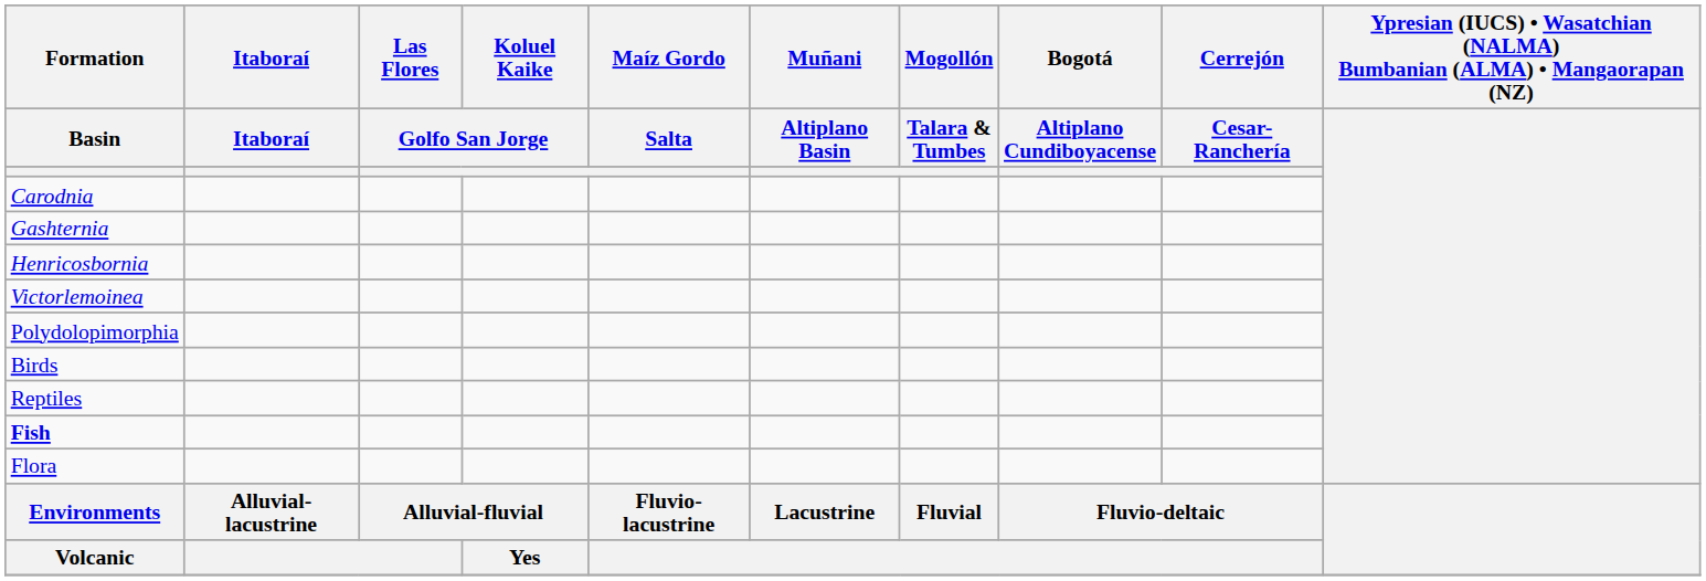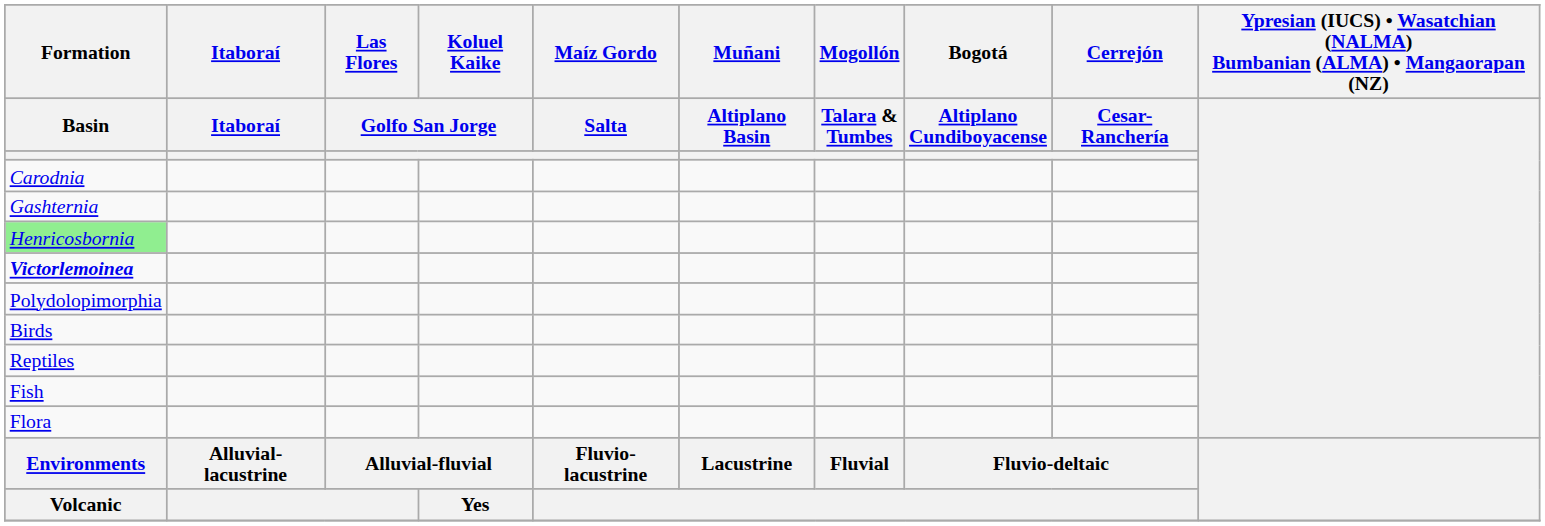 <table class="wikitable" style="font-size: 70%">
 <tr>
 <th>Formation</th>
 <th><a href='#'>Itaboraí</a></th>
 <th><a href='#'>Las Flores</a></th>
 <th><a href='#'>Koluel Kaike</a></th>
 <th><a href='#'>Maíz Gordo</a></th>
 <th><a href='#'>Muñani</a></th>
 <th><a href='#'>Mogollón</a></th>
 <th>Bogotá</th>
 <th><a href='#'>Cerrejón</a></th>
 <th><a href='#'>Ypresian</a> (IUCS) • <a href='#'>Wasatchian</a> (<a href='#'>NALMA</a>)<br><a href='#'>Bumbanian</a> (<a href='#'>ALMA</a>) • <a href='#'>Mangaorapan</a> (NZ)</th>
 </tr>
 <tr>
 <th>Basin</th>
 <th><a href='#'>Itaboraí</a></th>
 <th colspan=2><a href='#'>Golfo San Jorge</a></th>
 <th><a href='#'>Salta</a></th>
 <th><a href='#'>Altiplano Basin</a></th>
 <th><a href='#'>Talara</a> &<br><a href='#'>Tumbes</a></th>
 <th><a href='#'>Altiplano<br>Cundiboyacense</a></th>
 <th><a href='#'>Cesar-Ranchería</a></th>
 <th align=center rowspan=11></th>
 </tr>
 <tr>
 <th></th>
 <th></th>
 <th colspan=3></th>
 <th colspan=2></th>
 <th colspan=2></th>
 </tr>
 <tr>
 <td><em><a href='#'>Carodnia</a></em></td>
 <td align=center></td>
 <td align=center></td>
 <td align=center></td>
 <td align=center></td>
 <td align=center></td>
 <td align=center></td>
 <td align=center></td>
 <td align=center></td>
 </tr>
 <tr>
 <td><em><a href='#'>Gashternia</a></em></td>
 <td align=center></td>
 <td align=center></td>
 <td align=center></td>
 <td align=center></td>
 <td align=center></td>
 <td align=center></td>
 <td align=center></td>
 <td align=center></td>
 </tr>
 <tr>
-<td><em><a href='#'>Henricosbornia</a></em></td>
+<td style="background: lightgreen;"><em><a href='#'>Henricosbornia</a></em></td>
 <td align=center></td>
 <td align=center></td>
 <td align=center></td>
 <td align=center></td>
 <td align=center></td>
 <td align=center></td>
 <td align=center></td>
 <td align=center></td>
 </tr>
 <tr>
-<td><em><a href='#'>Victorlemoinea</a></em></td>
+<td><strong><em><a href='#'>Victorlemoinea</a></em></strong></td>
 <td align=center></td>
 <td align=center></td>
 <td align=center></td>
 <td align=center></td>
 <td align=center></td>
 <td align=center></td>
 <td align=center></td>
 <td align=center></td>
 </tr>
 <tr>
 <td><a href='#'>Polydolopimorphia</a></td>
 <td align=center></td>
 <td align=center></td>
 <td align=center></td>
 <td align=center></td>
 <td align=center></td>
 <td align=center></td>
 <td align=center></td>
 <td align=center></td>
 </tr>
 <tr>
 <td><a href='#'>Birds</a></td>
 <td align=center></td>
 <td align=center></td>
 <td align=center></td>
 <td align=center></td>
 <td align=center></td>
 <td align=center></td>
 <td align=center></td>
 <td align=center></td>
 </tr>
 <tr>
 <td><a href='#'>Reptiles</a></td>
 <td align=center></td>
 <td align=center></td>
 <td align=center></td>
 <td align=center></td>
 <td align=center></td>
 <td align=center></td>
 <td align=center></td>
 <td align=center></td>
 </tr>
 <tr>
-<td><strong><a href='#'>Fish</a></strong></td>
+<td><a href='#'>Fish</a></td>
 <td align=center></td>
 <td align=center></td>
 <td align=center></td>
 <td align=center></td>
 <td align=center></td>
 <td align=center></td>
 <td align=center></td>
 <td align=center></td>
 </tr>
 <tr>
 <td><a href='#'>Flora</a></td>
 <td align=center></td>
 <td align=center></td>
 <td align=center></td>
 <td align=center></td>
 <td align=center></td>
 <td align=center></td>
 <td align=center></td>
 <td align=center></td>
 </tr>
 <tr>
 <th><a href='#'>Environments</a></th>
 <th>Alluvial-lacustrine</th>
 <th colspan=2>Alluvial-fluvial</th>
 <th>Fluvio-lacustrine</th>
 <th>Lacustrine</th>
 <th>Fluvial</th>
 <th colspan=2>Fluvio-deltaic</th>
 <th rowspan=2 align=left><br><br></th>
 </tr>
 <tr>
 <th>Volcanic</th>
 <th colspan=2></th>
 <th>Yes</th>
 <th colspan=5></th>
 </tr>
 <tr>
 </tr>
 </table>
